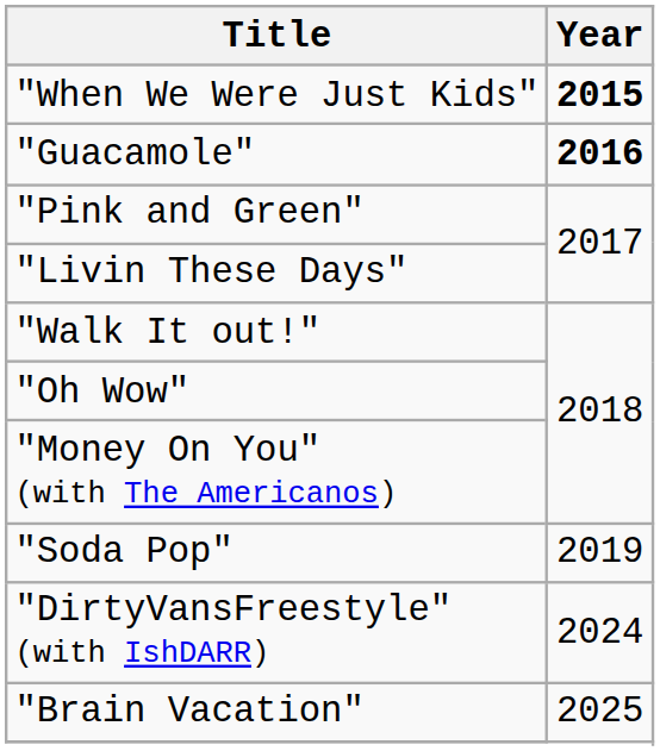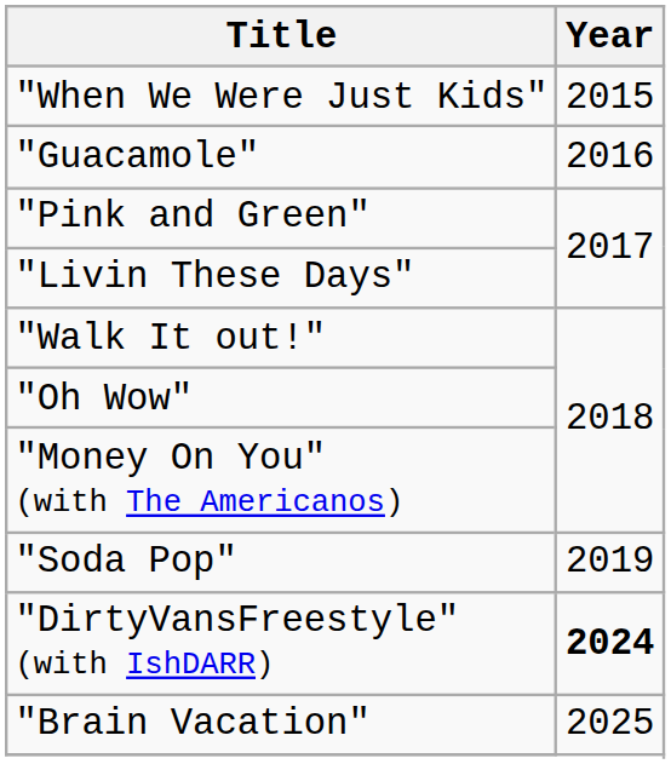 <table class="wikitable">
 <tr>
 <th><strong>Title</strong></th>
 <th><strong>Year</strong></th>
 </tr>
 <tr>
 <td>"When We Were Just Kids"</td>
-<td><strong>2015</strong></td>
+<td>2015</td>
 </tr>
 <tr>
 <td>"Guacamole"</td>
-<td><strong>2016</strong></td>
+<td>2016</td>
 </tr>
 <tr>
 <td>"Pink and Green"</td>
 <td rowspan="2">2017</td>
 </tr>
 <tr>
 <td>"Livin These Days"</td>
 </tr>
 <tr>
 <td>"Walk It out!"</td>
 <td rowspan="3">2018</td>
 </tr>
 <tr>
 <td>"Oh Wow"</td>
 </tr>
 <tr>
 <td>"Money On You"<br><small>(with <a href='#'>The Americanos</a>)</small></td>
 </tr>
 <tr>
 <td>"Soda Pop"</td>
 <td>2019</td>
 </tr>
 <tr>
 <td>"DirtyVansFreestyle"<br><small>(with <a href='#'>IshDARR</a>)</small></td>
-<td>2024</td>
+<td><strong>2024</strong></td>
 </tr>
 <tr>
 <td>"Brain Vacation"</td>
 <td rowspan="3">2025</td>
 </tr>
 <tr>
 </tr>
 </table>
